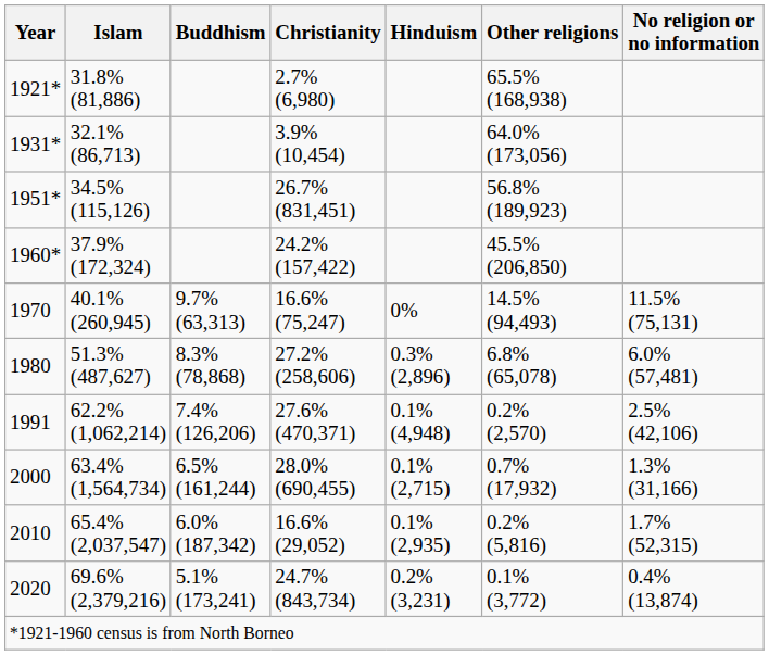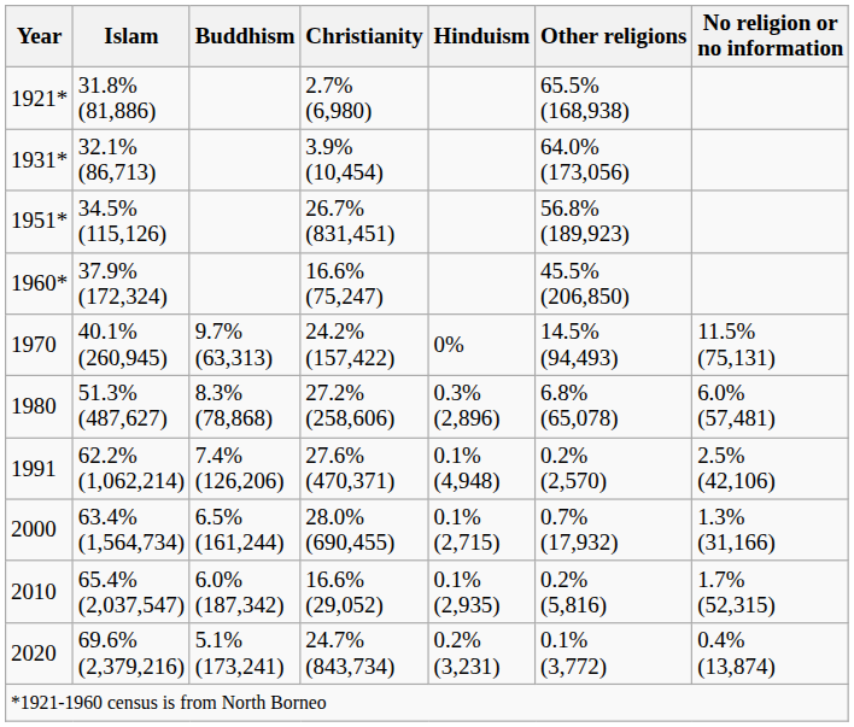 <table class="wikitable defaultright col1left">
 <tr>
 <th>Year</th>
 <th>Islam</th>
 <th>Buddhism</th>
 <th>Christianity</th>
 <th>Hinduism</th>
 <th>Other religions</th>
 <th>No religion or<br>no information</th>
 </tr>
 <tr>
 <td>1921*</td>
 <td>31.8%<br>(81,886)</td>
 <td></td>
 <td>2.7%<br>(6,980)</td>
 <td></td>
 <td>65.5%<br>(168,938)</td>
 <td></td>
 </tr>
 <tr>
 <td>1931*</td>
 <td>32.1%<br>(86,713)</td>
 <td></td>
 <td>3.9%<br>(10,454)</td>
 <td></td>
 <td>64.0%<br>(173,056)</td>
 <td></td>
 </tr>
 <tr>
 <td>1951*</td>
 <td>34.5%<br>(115,126)</td>
 <td></td>
 <td>26.7%<br>(831,451)</td>
 <td></td>
 <td>56.8%<br>(189,923)</td>
 <td></td>
 </tr>
 <tr>
 <td>1960*</td>
 <td>37.9%<br>(172,324)</td>
 <td></td>
-<td>24.2%<br>(157,422)</td>
+<td>16.6%<br>(75,247)</td>
 <td></td>
 <td>45.5%<br>(206,850)</td>
 <td></td>
 </tr>
 <tr>
 <td>1970</td>
 <td>40.1%<br>(260,945)</td>
 <td>9.7%<br>(63,313)</td>
-<td>16.6%<br>(75,247)</td>
+<td>24.2%<br>(157,422)</td>
 <td>0%</td>
 <td>14.5%<br>(94,493)</td>
 <td>11.5%<br>(75,131)</td>
 </tr>
 <tr>
 <td>1980</td>
 <td>51.3%<br>(487,627)</td>
 <td>8.3%<br>(78,868)</td>
 <td>27.2%<br>(258,606)</td>
 <td>0.3%<br>(2,896)</td>
 <td>6.8%<br>(65,078)</td>
 <td>6.0%<br>(57,481)</td>
 </tr>
 <tr>
 <td>1991</td>
 <td>62.2%<br>(1,062,214)</td>
 <td>7.4%<br>(126,206)</td>
 <td>27.6%<br>(470,371)</td>
 <td>0.1%<br>(4,948)</td>
 <td>0.2%<br>(2,570)</td>
 <td>2.5%<br>(42,106)</td>
 </tr>
 <tr>
 <td>2000</td>
 <td>63.4%<br>(1,564,734)</td>
 <td>6.5%<br>(161,244)</td>
 <td>28.0%<br>(690,455)</td>
 <td>0.1%<br>(2,715)</td>
 <td>0.7%<br>(17,932)</td>
 <td>1.3%<br>(31,166)</td>
 </tr>
 <tr>
 <td>2010</td>
 <td>65.4%<br>(2,037,547)</td>
 <td>6.0%<br>(187,342)</td>
 <td>16.6%<br>(29,052)</td>
 <td>0.1%<br>(2,935)</td>
 <td>0.2%<br>(5,816)</td>
 <td>1.7%<br>(52,315)</td>
 </tr>
 <tr>
 <td>2020</td>
 <td>69.6%<br>(2,379,216)</td>
 <td>5.1%<br>(173,241)</td>
 <td>24.7%<br>(843,734)</td>
 <td>0.2%<br>(3,231)</td>
 <td>0.1%<br>(3,772)</td>
 <td>0.4%<br>(13,874)</td>
 </tr>
 <tr>
 <td colspan="9"><small>*1921-1960 census is from North Borneo</small></td>
 </tr>
 </table>
